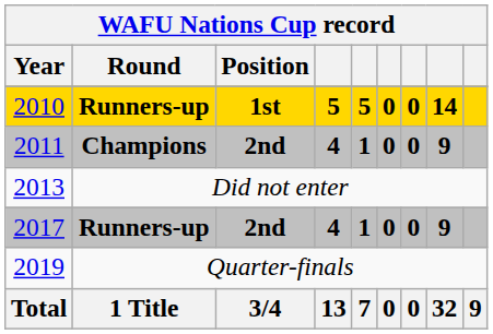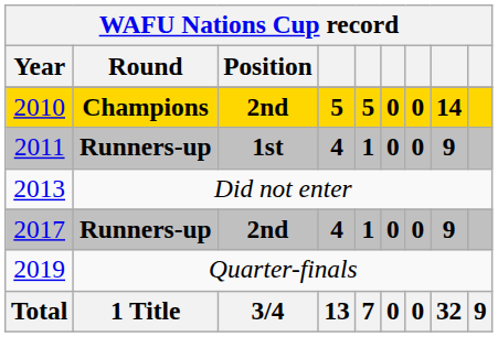 <table class="wikitable" style="text-align: center;">
 <tr>
 <th colspan=9><a href='#'>WAFU Nations Cup</a> record</th>
 </tr>
 <tr>
 <th>Year</th>
 <th>Round</th>
 <th>Position</th>
 <th></th>
 <th></th>
 <th></th>
 <th></th>
 <th></th>
 <th></th>
 </tr>
 <tr>
 </tr>
 <tr bgcolor="gold">
 <td> <a href='#'>2010</a></td>
-<td><strong>Runners-up</strong></td>
-<td><strong>1st</strong></td>
+<td><strong>Champions</strong></td>
+<td><strong>2nd</strong></td>
 <td><strong>5</strong></td>
 <td><strong>5</strong></td>
 <td><strong>0</strong></td>
 <td><strong>0</strong></td>
 <td><strong>14</strong></td>
 <td></td>
 </tr>
 <tr bgcolor="silver">
 <td> <a href='#'>2011</a></td>
-<td><strong>Champions</strong></td>
-<td><strong>2nd</strong></td>
+<td><strong>Runners-up</strong></td>
+<td><strong>1st</strong></td>
 <td><strong>4</strong></td>
 <td><strong>1</strong></td>
 <td><strong>0</strong></td>
 <td><strong>0</strong></td>
 <td><strong>9</strong></td>
 <td></td>
 </tr>
 <tr bgcolor=>
 <td> <a href='#'>2013</a></td>
 <td colspan="8"><em>Did not enter</em></td>
 </tr>
 <tr bgcolor="silver">
 <td> <a href='#'>2017</a></td>
 <td><strong>Runners-up</strong></td>
 <td><strong>2nd</strong></td>
 <td><strong>4</strong></td>
 <td><strong>1</strong></td>
 <td><strong>0</strong></td>
 <td><strong>0</strong></td>
 <td><strong>9</strong></td>
 <td></td>
 </tr>
 <tr>
 <td> <a href='#'>2019</a></td>
 <td colspan="8"><em>Quarter-finals</em></td>
 </tr>
 <tr>
 <th>Total</th>
 <th>1 Title</th>
 <th>3/4</th>
 <th>13</th>
 <th>7</th>
 <th>0</th>
 <th>0</th>
 <th>32</th>
 <th>9</th>
 </tr>
 </table>
